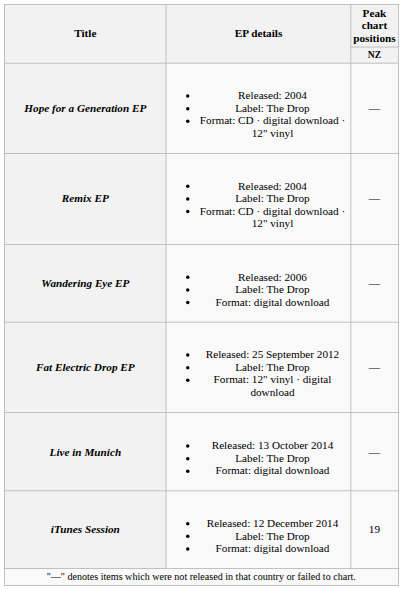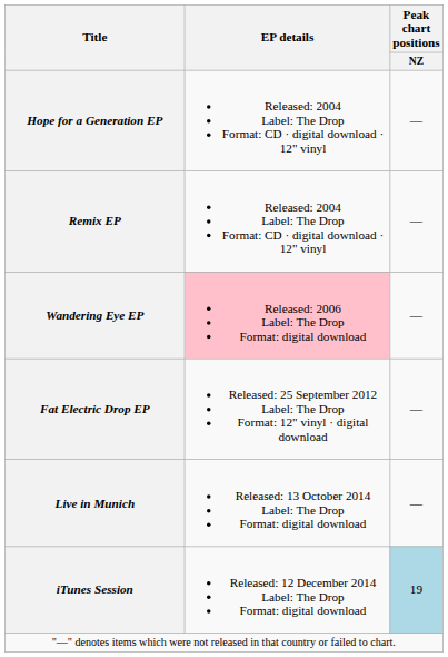 <table class="wikitable plainrowheaders" style="text-align:center;" border="1">
 <tr>
 <th scope="col" rowspan="2" style="width:14em;">Title</th>
 <th scope="col" rowspan="2" style="width:16em;">EP details</th>
 <th scope="col" colspan="1">Peak chart positions</th>
 </tr>
 <tr>
 <th scope="col" style="width:2.75em;font-size:85%;">NZ<br></th>
 </tr>
 <tr>
 <th scope="row"><em>Hope for a Generation EP</em></th>
 <td><br><ul><li>Released: 2004</li><li>Label: The Drop</li><li>Format: CD · digital download · 12" vinyl</li></ul></td>
 <td>—</td>
 </tr>
 <tr>
 <th scope="row"><em>Remix EP</em></th>
 <td><br><ul><li>Released: 2004</li><li>Label: The Drop</li><li>Format: CD · digital download · 12" vinyl</li></ul></td>
 <td>—</td>
 </tr>
 <tr>
 <th scope="row"><em>Wandering Eye EP</em></th>
-<td><br><ul><li>Released: 2006</li><li>Label: The Drop</li><li>Format: digital download</li></ul></td>
+<td style="background: pink;"><br><ul><li>Released: 2006</li><li>Label: The Drop</li><li>Format: digital download</li></ul></td>
 <td>—</td>
 </tr>
 <tr>
 <th scope="row"><em>Fat Electric Drop EP</em><br></th>
 <td><br><ul><li>Released: 25 September 2012</li><li>Label: The Drop</li><li>Format: 12" vinyl · digital download</li></ul></td>
 <td>—</td>
 </tr>
 <tr>
 <th scope="row"><em>Live in Munich</em></th>
 <td><br><ul><li>Released: 13 October 2014</li><li>Label: The Drop</li><li>Format: digital download</li></ul></td>
 <td>—</td>
 </tr>
 <tr>
 <th scope="row"><em>iTunes Session</em></th>
 <td><br><ul><li>Released: 12 December 2014</li><li>Label: The Drop</li><li>Format: digital download</li></ul></td>
-<td>19</td>
+<td style="background: lightblue;">19</td>
 </tr>
 <tr>
 <td colspan="15" align="center" style="font-size:90%;">"—" denotes items which were not released in that country or failed to chart.</td>
 </tr>
 </table>
